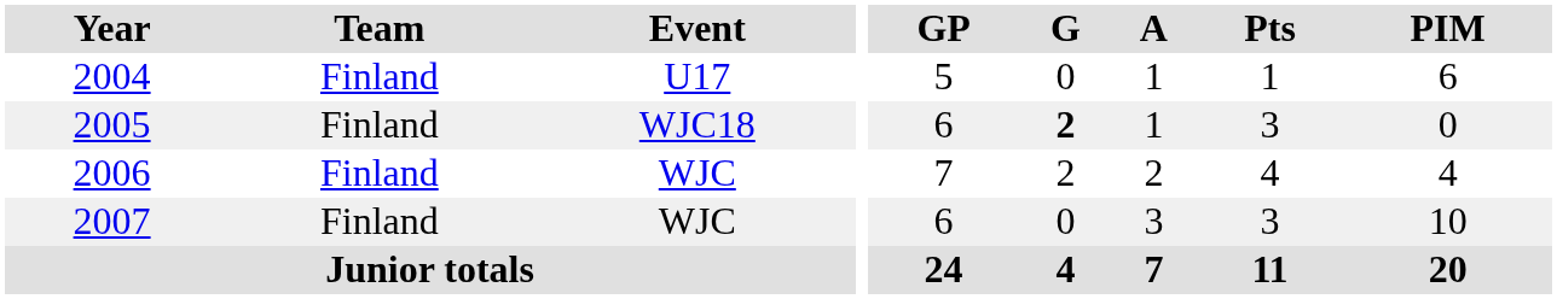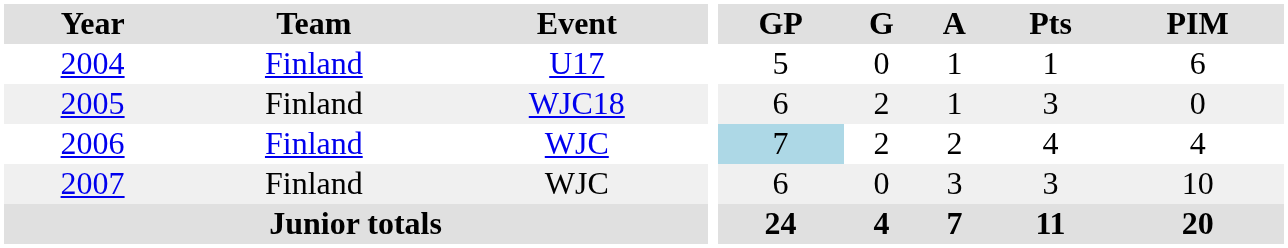 <table border="0" cellpadding="1" cellspacing="0" ID="Table3" style="text-align:center; width:40em">
 <tr ALIGN="center" bgcolor="#e0e0e0">
 <th>Year</th>
 <th>Team</th>
 <th>Event</th>
 <th rowspan="99" bgcolor="#ffffff"></th>
 <th>GP</th>
 <th>G</th>
 <th>A</th>
 <th>Pts</th>
 <th>PIM</th>
 </tr>
 <tr>
 <td><a href='#'>2004</a></td>
 <td><a href='#'>Finland</a></td>
 <td><a href='#'>U17</a></td>
 <td>5</td>
 <td>0</td>
 <td>1</td>
 <td>1</td>
 <td>6</td>
 </tr>
 <tr bgcolor="#f0f0f0">
 <td><a href='#'>2005</a></td>
 <td>Finland</td>
 <td><a href='#'>WJC18</a></td>
 <td>6</td>
-<td><strong>2</strong></td>
+<td>2</td>
 <td>1</td>
 <td>3</td>
 <td>0</td>
 </tr>
 <tr>
 <td><a href='#'>2006</a></td>
 <td><a href='#'>Finland</a></td>
 <td><a href='#'>WJC</a></td>
-<td>7</td>
+<td style="background: lightblue;">7</td>
 <td>2</td>
 <td>2</td>
 <td>4</td>
 <td>4</td>
 </tr>
 <tr bgcolor="#f0f0f0">
 <td><a href='#'>2007</a></td>
 <td>Finland</td>
 <td>WJC</td>
 <td>6</td>
 <td>0</td>
 <td>3</td>
 <td>3</td>
 <td>10</td>
 </tr>
 <tr bgcolor="#e0e0e0">
 <th colspan="3">Junior totals</th>
 <th>24</th>
 <th>4</th>
 <th>7</th>
 <th>11</th>
 <th>20</th>
 </tr>
 </table>
